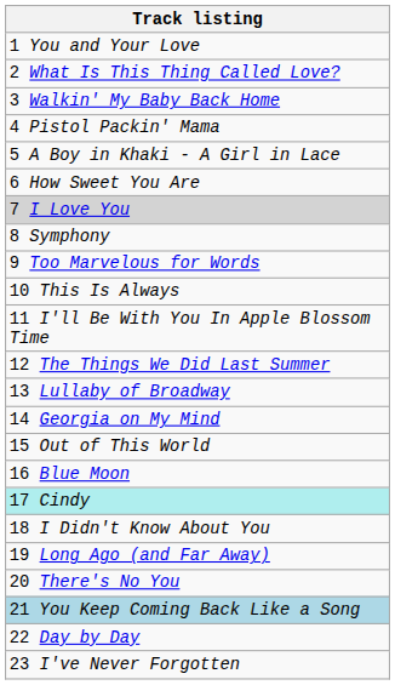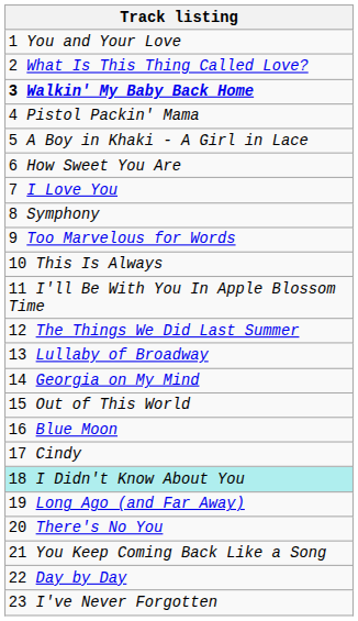 <table class="wikitable collapsible collapsed" style="width:300px;">
 <tr>
 <th>Track listing</th>
 </tr>
 <tr>
 <td>1 <em>You and Your Love</em></td>
 </tr>
 <tr>
 <td>2 <em><a href='#'>What Is This Thing Called Love?</a></em></td>
 </tr>
 <tr>
-<td>3 <em><a href='#'>Walkin' My Baby Back Home</a></em></td>
+<td><strong>3 <em><a href='#'>Walkin' My Baby Back Home</a></em></strong></td>
 </tr>
 <tr>
 <td>4 <em>Pistol Packin' Mama</em></td>
 </tr>
 <tr>
 <td>5 <em>A Boy in Khaki - A Girl in Lace</em></td>
 </tr>
 <tr>
 <td>6 <em>How Sweet You Are</em></td>
 </tr>
 <tr>
-<td style="background: lightgrey;">7 <em><a href='#'>I Love You</a></em></td>
+<td>7 <em><a href='#'>I Love You</a></em></td>
 </tr>
 <tr>
 <td>8 <em>Symphony</em></td>
 </tr>
 <tr>
 <td>9 <em><a href='#'>Too Marvelous for Words</a></em></td>
 </tr>
 <tr>
 <td>10 <em>This Is Always</em></td>
 </tr>
 <tr>
 <td>11 <em>I'll Be With You In Apple Blossom Time</em></td>
 </tr>
 <tr>
 <td>12 <em><a href='#'>The Things We Did Last Summer</a></em></td>
 </tr>
 <tr>
 <td>13 <em><a href='#'>Lullaby of Broadway</a></em></td>
 </tr>
 <tr>
 <td>14 <em><a href='#'>Georgia on My Mind</a></em></td>
 </tr>
 <tr>
 <td>15 <em>Out of This World</em></td>
 </tr>
 <tr>
 <td>16 <em><a href='#'>Blue Moon</a></em></td>
 </tr>
 <tr>
-<td style="background: paleturquoise;">17 <em>Cindy</em></td>
+<td>17 <em>Cindy</em></td>
 </tr>
 <tr>
-<td>18 <em>I Didn't Know About You</em></td>
+<td style="background: paleturquoise;">18 <em>I Didn't Know About You</em></td>
 </tr>
 <tr>
 <td>19 <em><a href='#'>Long Ago (and Far Away)</a></em></td>
 </tr>
 <tr>
 <td>20 <em><a href='#'>There's No You</a></em></td>
 </tr>
 <tr>
-<td style="background: lightblue;">21 <em>You Keep Coming Back Like a Song</em></td>
+<td>21 <em>You Keep Coming Back Like a Song</em></td>
 </tr>
 <tr>
 <td>22 <em><a href='#'>Day by Day</a></em></td>
 </tr>
 <tr>
 <td>23 <em>I've Never Forgotten</em></td>
 </tr>
 </table>
